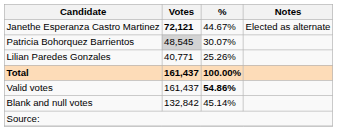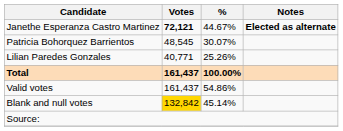 <table class=wikitable>
 <tr>
 <th>Candidate</th>
 <th>Votes</th>
 <th>%</th>
 <th>Notes</th>
 </tr>
 <tr>
 <td>Janethe Esperanza Castro Martinez</td>
 <td><strong>72,121</strong></td>
 <td>44.67%</td>
-<td>Elected as alternate</td>
+<td><strong>Elected as alternate</strong></td>
 </tr>
 <tr>
 <td>Patricia Bohorquez Barrientos</td>
-<td style="background: lightgrey;">48,545</td>
+<td>48,545</td>
 <td>30.07%</td>
 <td></td>
 </tr>
 <tr>
 <td>Lilian Paredes Gonzales</td>
 <td>40,771</td>
 <td>25.26%</td>
 <td></td>
 </tr>
 <tr>
 <td style="background:#FDDCB8"><strong>Total</strong></td>
 <td style="background:#FDDCB8"><strong>161,437</strong></td>
 <td style="background:#FDDCB8"><strong>100.00%</strong></td>
 <td style="background:#FDDCB8"></td>
 </tr>
 <tr>
 <td>Valid votes</td>
 <td>161,437</td>
-<td><strong>54.86%</strong></td>
+<td>54.86%</td>
 <td></td>
 </tr>
 <tr>
 <td>Blank and null votes</td>
-<td>132,842</td>
+<td style="background: gold;">132,842</td>
 <td>45.14%</td>
 <td></td>
 </tr>
 <tr>
 <td colspan="4">Source: </td>
 </tr>
 <tr>
 </tr>
 </table>
